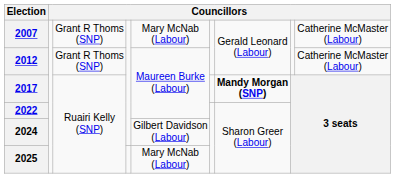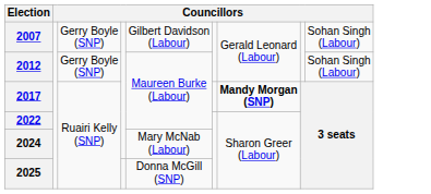 <table class="wikitable" style="text-align:center">
 <tr>
 <th>Election</th>
 <th colspan=8>Councillors</th>
 </tr>
 <tr>
 <th><a href='#'>2007</a></th>
 <td rowspan=6; style="background-color: "></td>
-<td rowspan=1>Grant R Thoms<br>(<a href='#'>SNP</a>)</td>
+<td rowspan=1>Gerry Boyle<br>(<a href='#'>SNP</a>)</td>
 <td rowspan=5; style="background-color: "></td>
-<td rowspan=1>Mary McNab<br>(<a href='#'>Labour</a>)</td>
+<td rowspan=1>Gilbert Davidson<br>(<a href='#'>Labour</a>)</td>
 <td rowspan=2; style="background-color: "></td>
 <td rowspan=2>Gerald Leonard<br>(<a href='#'>Labour</a>)</td>
 <td rowspan=2; style="background-color: "></td>
-<td rowspan=1>Catherine McMaster<br>(<a href='#'>Labour</a>)</td>
+<td rowspan=1>Sohan Singh<br>(<a href='#'>Labour</a>)</td>
 </tr>
 <tr>
 <th><a href='#'>2012</a></th>
-<td rowspan=1>Grant R Thoms<br>(<a href='#'>SNP</a>)</td>
+<td rowspan=1>Gerry Boyle<br>(<a href='#'>SNP</a>)</td>
 <td rowspan=3><a href='#'>Maureen Burke</a><br>(<a href='#'>Labour</a>)</td>
-<td rowspan=1>Catherine McMaster<br>(<a href='#'>Labour</a>)</td>
+<td rowspan=1>Sohan Singh<br>(<a href='#'>Labour</a>)</td>
 </tr>
 <tr>
 <th><a href='#'>2017</a></th>
 <td rowspan=4>Ruairi Kelly<br>(<a href='#'>SNP</a>)</td>
 <td rowspan=1; style="background-color: "></td>
 <td rowspan=1><strong>Mandy Morgan<br>(<a href='#'>SNP</a>)</strong></td>
 <th colspan=2; rowspan=4>3 seats</th>
 </tr>
 <tr>
 <th><a href='#'>2022</a></th>
 <td rowspan=3; style="background-color: "></td>
 <td rowspan=3>Sharon Greer<br>(<a href='#'>Labour</a>)</td>
 </tr>
 <tr>
 <th>2024</th>
-<td rowspan=1>Gilbert Davidson<br>(<a href='#'>Labour</a>)</td>
+<td rowspan=1>Mary McNab<br>(<a href='#'>Labour</a>)</td>
 </tr>
 <tr>
 <th>2025</th>
 <td rowspan=1; style="background-color: "></td>
-<td rowspan=1>Mary McNab<br>(<a href='#'>Labour</a>)</td>
+<td rowspan=1>Donna McGill<br>(<a href='#'>SNP</a>)</td>
 </tr>
 </table>
